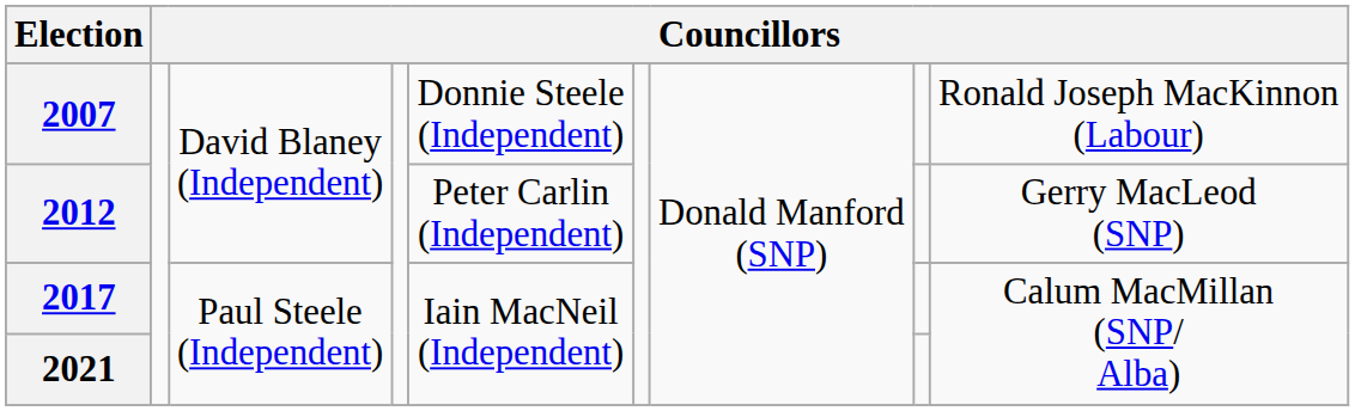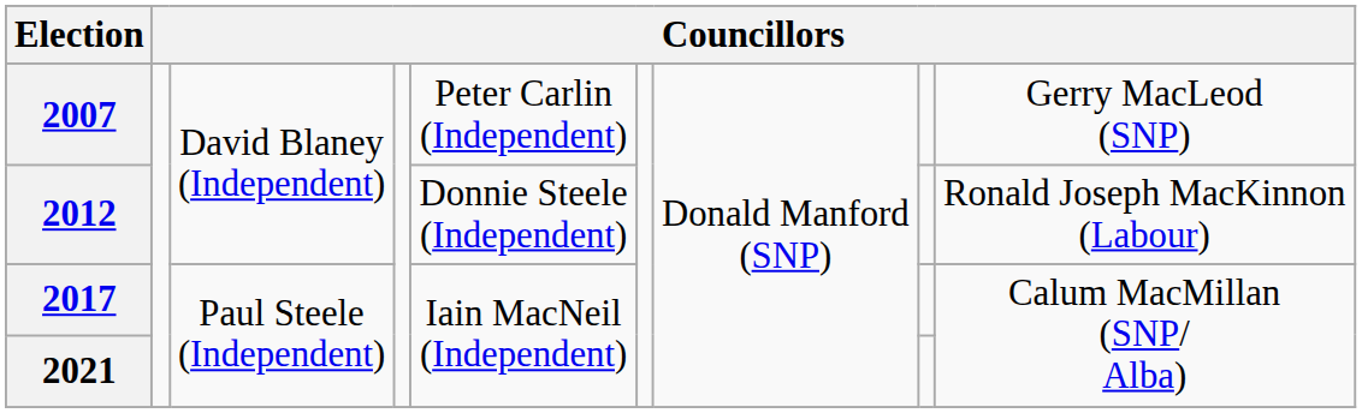 <table class="wikitable" style="text-align:center">
 <tr>
 <th>Election</th>
 <th colspan=8>Councillors</th>
 </tr>
 <tr>
 <th><a href='#'>2007</a></th>
 <td rowspan=4; style="background-color: "></td>
 <td rowspan=2>David Blaney<br>(<a href='#'>Independent</a>)</td>
 <td rowspan=4; style="background-color: "></td>
-<td rowspan=1>Donnie Steele<br>(<a href='#'>Independent</a>)</td>
+<td rowspan=1>Peter Carlin<br>(<a href='#'>Independent</a>)</td>
 <td rowspan=4; style="background-color: "></td>
 <td rowspan=4>Donald Manford<br>(<a href='#'>SNP</a>)</td>
 <td rowspan=1; style="background-color: "></td>
-<td rowspan=1>Ronald Joseph MacKinnon<br>(<a href='#'>Labour</a>)</td>
+<td rowspan=1>Gerry MacLeod<br>(<a href='#'>SNP</a>)</td>
 </tr>
 <tr>
 <th><a href='#'>2012</a></th>
-<td rowspan=1>Peter Carlin<br>(<a href='#'>Independent</a>)</td>
+<td rowspan=1>Donnie Steele<br>(<a href='#'>Independent</a>)</td>
 <td rowspan=1; style="background-color: "></td>
-<td rowspan=1>Gerry MacLeod<br>(<a href='#'>SNP</a>)</td>
+<td rowspan=1>Ronald Joseph MacKinnon<br>(<a href='#'>Labour</a>)</td>
 </tr>
 <tr>
 <th><a href='#'>2017</a></th>
 <td rowspan=2>Paul Steele<br>(<a href='#'>Independent</a>)</td>
 <td rowspan=2>Iain MacNeil<br>(<a href='#'>Independent</a>)</td>
 <td rowspan=1; style="background-color: "></td>
 <td rowspan=2>Calum MacMillan<br>(<a href='#'>SNP</a>/<br><a href='#'>Alba</a>)</td>
 </tr>
 <tr>
 <th>2021</th>
 <td rowspan=1; style="background-color: "></td>
 </tr>
 </table>
